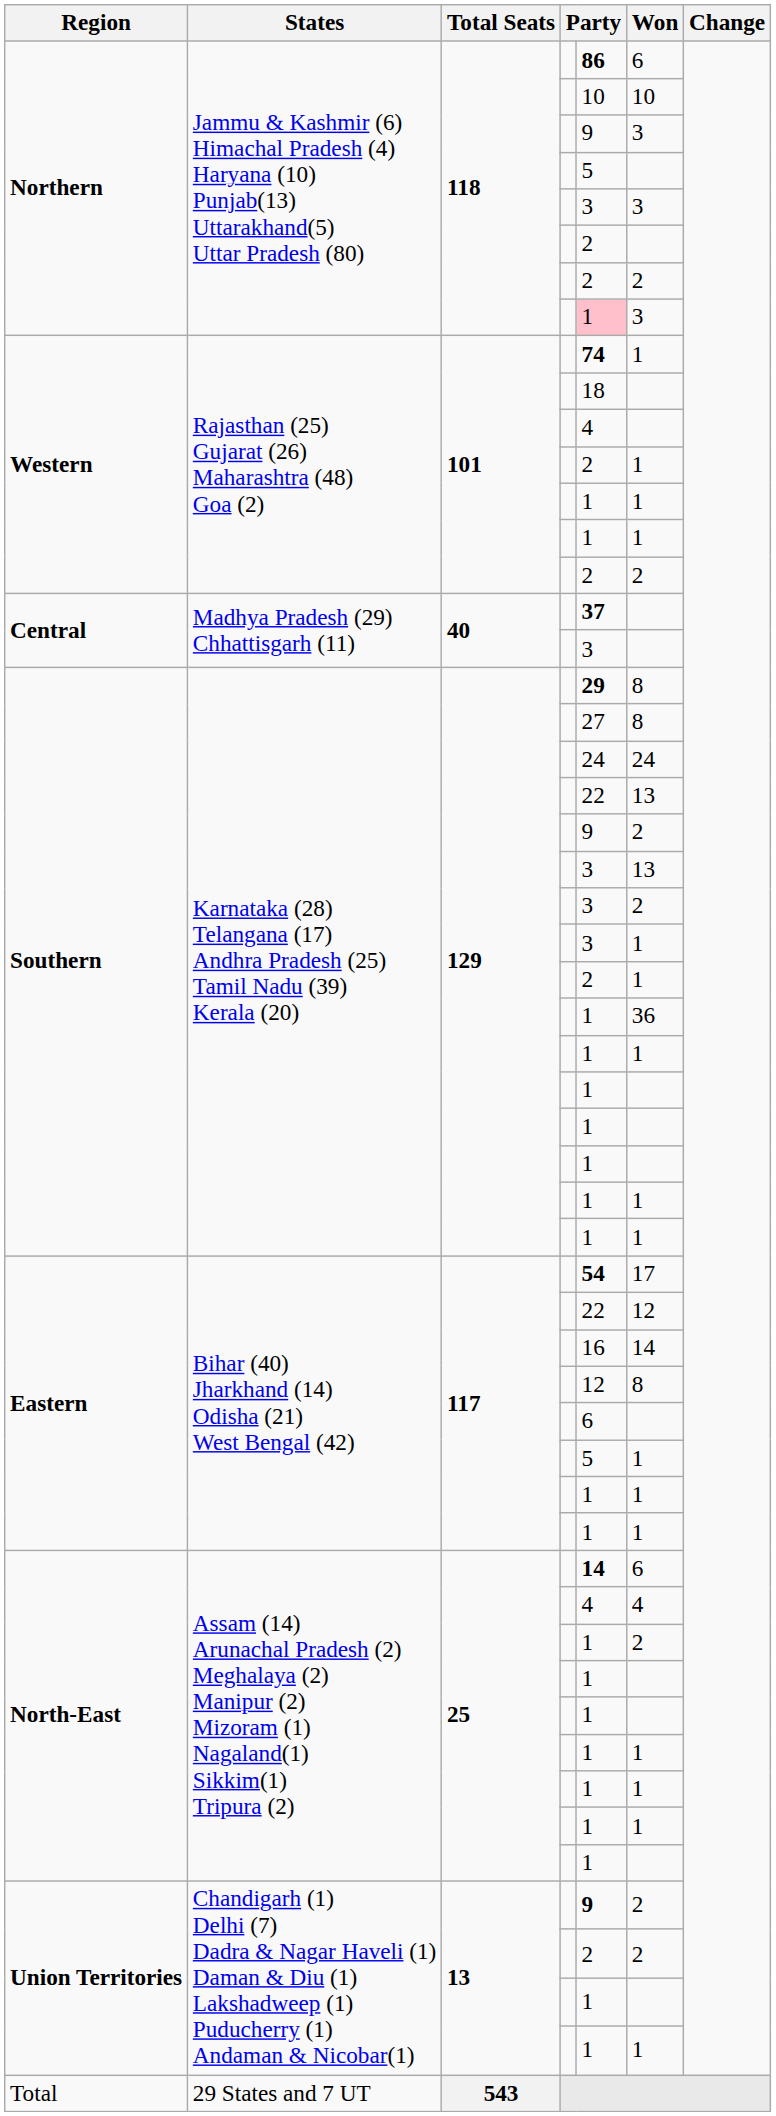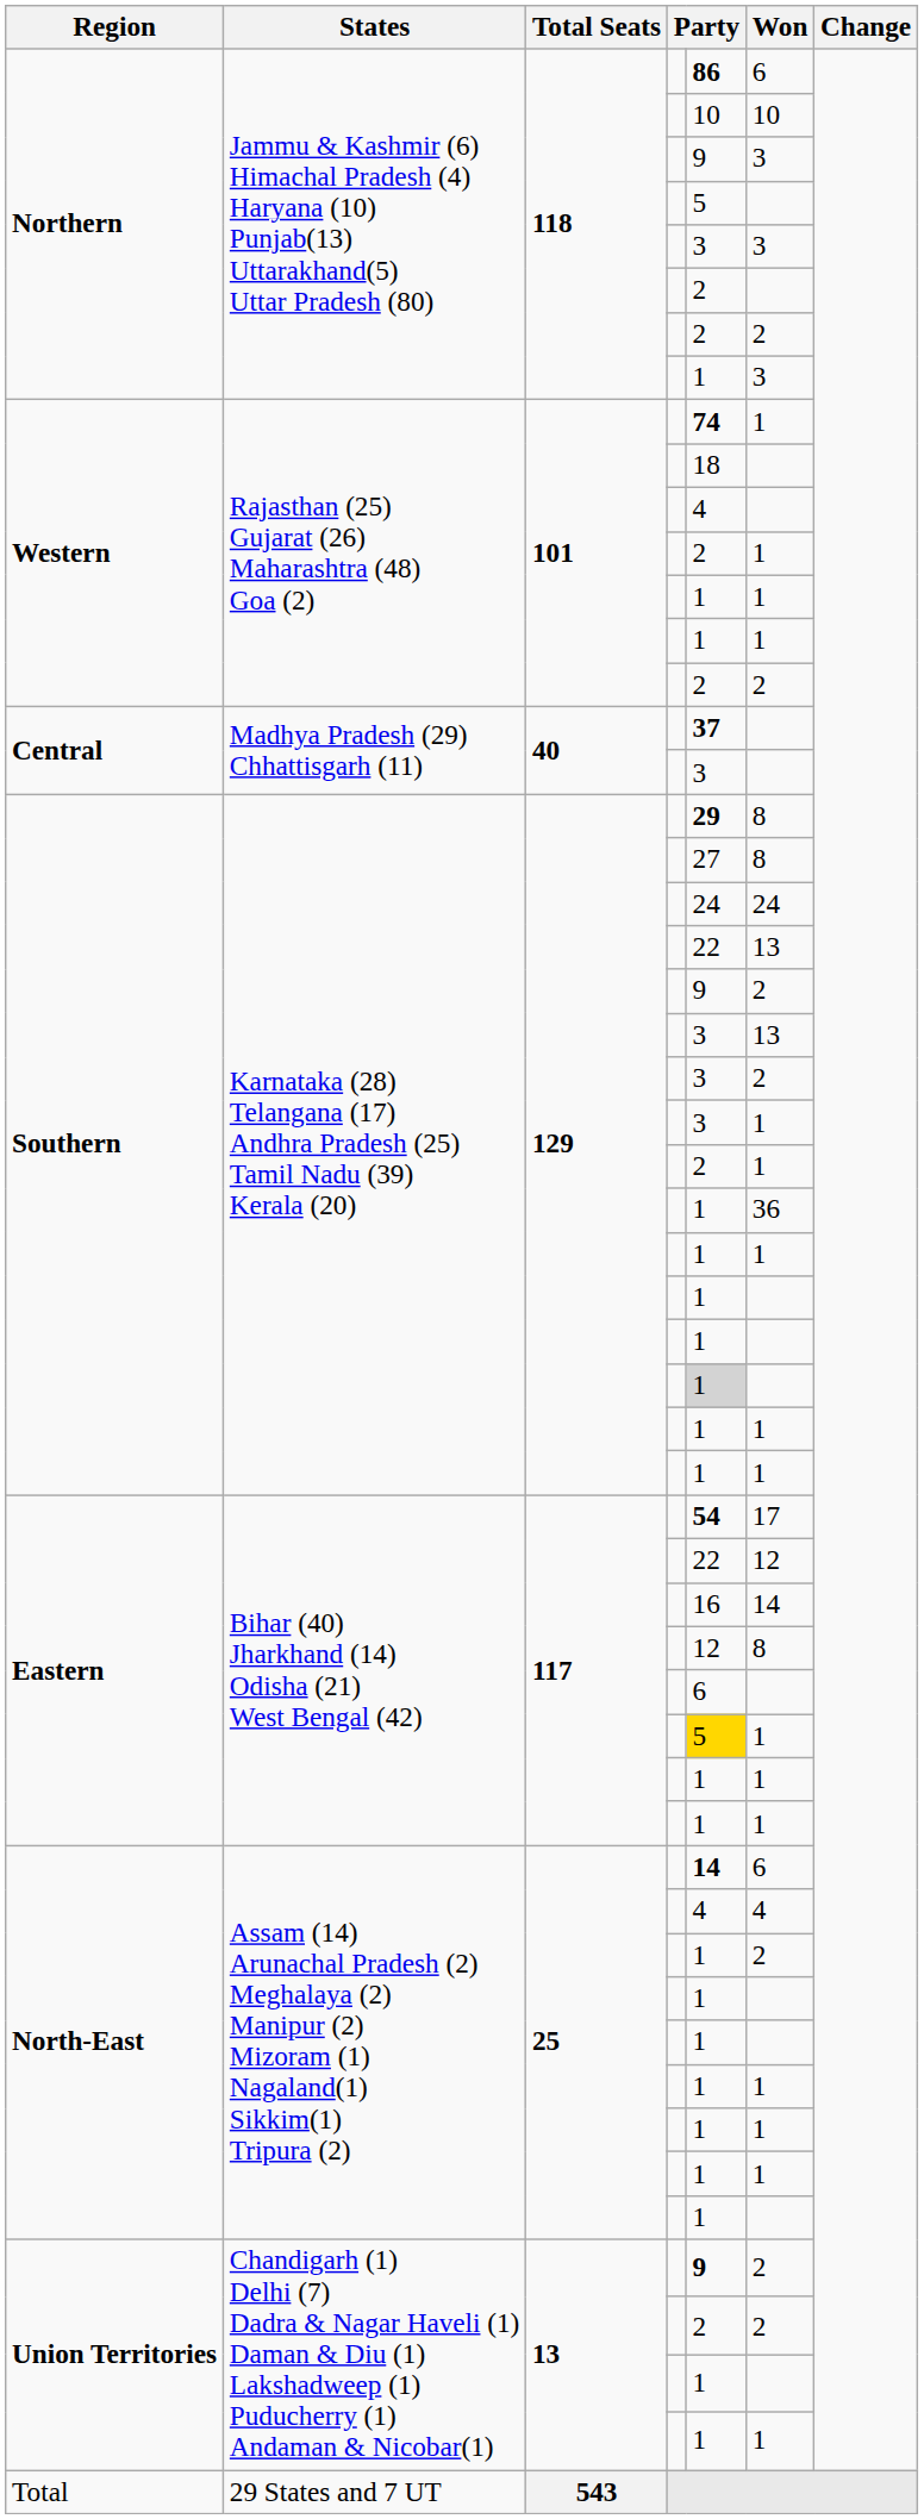 <table class="wikitable Sortable">
 <tr>
 <th>Region</th>
 <th>States</th>
 <th>Total Seats</th>
 <th colspan=2>Party</th>
 <th>Won</th>
 <th>Change</th>
 </tr>
 <tr>
 <td rowspan=8><strong>Northern</strong></td>
 <td rowspan=8><a href='#'>Jammu & Kashmir</a> (6)<br> <a href='#'>Himachal Pradesh</a> (4)<br><a href='#'>Haryana</a> (10)<br> <a href='#'>Punjab</a>(13) <br> <a href='#'>Uttarakhand</a>(5) <br> <a href='#'>Uttar Pradesh</a> (80)</td>
 <td rowspan=8><strong>118</strong></td>
 <td></td>
 <td><strong>86</strong></td>
 <td>6</td>
 </tr>
 <tr>
 <td></td>
 <td>10</td>
 <td>10</td>
 </tr>
 <tr>
 <td></td>
 <td>9</td>
 <td>3</td>
 </tr>
 <tr>
 <td></td>
 <td>5</td>
 <td></td>
 </tr>
 <tr>
 <td></td>
 <td>3</td>
 <td>3</td>
 </tr>
 <tr>
 <td></td>
 <td>2</td>
 <td></td>
 </tr>
 <tr>
 <td></td>
 <td>2</td>
 <td>2</td>
 </tr>
 <tr>
 <td></td>
-<td style="background: pink;">1</td>
+<td>1</td>
 <td>3</td>
 </tr>
 <tr>
 <td rowspan=7><strong>Western</strong></td>
 <td rowspan=7><a href='#'>Rajasthan</a> (25)<br><a href='#'>Gujarat</a> (26)<br> <a href='#'>Maharashtra</a> (48)<br> <a href='#'>Goa</a> (2)</td>
 <td rowspan=7><strong>101</strong></td>
 <td></td>
 <td><strong>74</strong></td>
 <td>1</td>
 </tr>
 <tr>
 <td></td>
 <td>18</td>
 <td></td>
 </tr>
 <tr>
 <td></td>
 <td>4</td>
 <td></td>
 </tr>
 <tr>
 <td></td>
 <td>2</td>
 <td>1</td>
 </tr>
 <tr>
 <td></td>
 <td>1</td>
 <td>1</td>
 </tr>
 <tr>
 <td></td>
 <td>1</td>
 <td>1</td>
 </tr>
 <tr>
 <td></td>
 <td>2</td>
 <td>2</td>
 </tr>
 <tr>
 <td rowspan=2><strong>Central</strong></td>
 <td rowspan=2><a href='#'>Madhya Pradesh</a> (29) <br> <a href='#'>Chhattisgarh</a> (11)</td>
 <td rowspan=2><strong>40</strong></td>
 <td></td>
 <td><strong>37</strong></td>
 <td></td>
 </tr>
 <tr>
 <td></td>
 <td>3</td>
 <td></td>
 </tr>
 <tr>
 <td rowspan=16><strong>Southern</strong></td>
 <td rowspan=16><a href='#'>Karnataka</a> (28) <br><a href='#'>Telangana</a> (17) <br> <a href='#'>Andhra Pradesh</a> (25) <br><a href='#'>Tamil Nadu</a> (39) <br> <a href='#'>Kerala</a> (20)</td>
 <td rowspan=16><strong>129</strong></td>
 <td></td>
 <td><strong>29</strong></td>
 <td>8</td>
 </tr>
 <tr>
 <td></td>
 <td>27</td>
 <td>8</td>
 </tr>
 <tr>
 <td></td>
 <td>24</td>
 <td>24</td>
 </tr>
 <tr>
 <td></td>
 <td>22</td>
 <td>13</td>
 </tr>
 <tr>
 <td></td>
 <td>9</td>
 <td>2</td>
 </tr>
 <tr>
 <td></td>
 <td>3</td>
 <td>13</td>
 </tr>
 <tr>
 <td></td>
 <td>3</td>
 <td>2</td>
 </tr>
 <tr>
 <td></td>
 <td>3</td>
 <td>1</td>
 </tr>
 <tr>
 <td></td>
 <td>2</td>
 <td>1</td>
 </tr>
 <tr>
 <td></td>
 <td>1</td>
 <td>36</td>
 </tr>
 <tr>
 <td></td>
 <td>1</td>
 <td>1</td>
 </tr>
 <tr>
 <td></td>
 <td>1</td>
 <td></td>
 </tr>
 <tr>
 <td></td>
 <td>1</td>
 <td></td>
 </tr>
 <tr>
 <td></td>
-<td>1</td>
+<td style="background: lightgrey;">1</td>
 <td></td>
 </tr>
 <tr>
 <td></td>
 <td>1</td>
 <td>1</td>
 </tr>
 <tr>
 <td></td>
 <td>1</td>
 <td>1</td>
 </tr>
 <tr>
 <td rowspan=8><strong>Eastern</strong></td>
 <td rowspan=8><a href='#'>Bihar</a> (40)<br><a href='#'>Jharkhand</a> (14) <br><a href='#'>Odisha</a> (21) <br> <a href='#'>West Bengal</a> (42)</td>
 <td rowspan=8><strong>117</strong></td>
 <td></td>
 <td><strong>54</strong></td>
 <td>17</td>
 </tr>
 <tr>
 <td></td>
 <td>22</td>
 <td>12</td>
 </tr>
 <tr>
 <td></td>
 <td>16</td>
 <td>14</td>
 </tr>
 <tr>
 <td></td>
 <td>12</td>
 <td>8</td>
 </tr>
 <tr>
 <td></td>
 <td>6</td>
 <td></td>
 </tr>
 <tr>
 <td></td>
-<td>5</td>
+<td style="background: gold;">5</td>
 <td>1</td>
 </tr>
 <tr>
 <td></td>
 <td>1</td>
 <td>1</td>
 </tr>
 <tr>
 <td></td>
 <td>1</td>
 <td>1</td>
 </tr>
 <tr>
 <td rowspan=9><strong>North-East</strong></td>
 <td rowspan=9><a href='#'>Assam</a> (14)<br><a href='#'>Arunachal Pradesh</a> (2) <br><a href='#'>Meghalaya</a> (2) <br> <a href='#'>Manipur</a> (2)<br> <a href='#'>Mizoram</a> (1)<br> <a href='#'>Nagaland</a>(1) <br> <a href='#'>Sikkim</a>(1) <br> <a href='#'>Tripura</a> (2)</td>
 <td rowspan=9><strong>25</strong></td>
 <td></td>
 <td><strong>14</strong></td>
 <td>6</td>
 </tr>
 <tr>
 <td></td>
 <td>4</td>
 <td>4</td>
 </tr>
 <tr>
 <td></td>
 <td>1</td>
 <td>2</td>
 </tr>
 <tr>
 <td></td>
 <td>1</td>
 <td></td>
 </tr>
 <tr>
 <td></td>
 <td>1</td>
 <td></td>
 </tr>
 <tr>
 <td></td>
 <td>1</td>
 <td>1</td>
 </tr>
 <tr>
 <td></td>
 <td>1</td>
 <td>1</td>
 </tr>
 <tr>
 <td></td>
 <td>1</td>
 <td>1</td>
 </tr>
 <tr>
 <td></td>
 <td>1</td>
 <td></td>
 </tr>
 <tr>
 <td rowspan=4><strong>Union Territories</strong></td>
 <td rowspan=4><a href='#'>Chandigarh</a> (1) <br> <a href='#'>Delhi</a> (7)<br> <a href='#'>Dadra & Nagar Haveli</a> (1) <br> <a href='#'>Daman & Diu</a> (1) <br> <a href='#'>Lakshadweep</a> (1) <br> <a href='#'>Puducherry</a> (1)  <br> <a href='#'>Andaman & Nicobar</a>(1)</td>
 <td rowspan=4><strong>13</strong></td>
 <td></td>
 <td><strong>9</strong></td>
 <td>2</td>
 </tr>
 <tr>
 <td></td>
 <td>2</td>
 <td>2</td>
 </tr>
 <tr>
 <td></td>
 <td>1</td>
 <td></td>
 </tr>
 <tr>
 <td></td>
 <td>1</td>
 <td>1</td>
 </tr>
 <tr>
 <td>Total</td>
 <td>29 States and 7 UT</td>
 <th>543</th>
 <td colspan="4" bgcolor="#E9E9E9"></td>
 </tr>
 </table>
